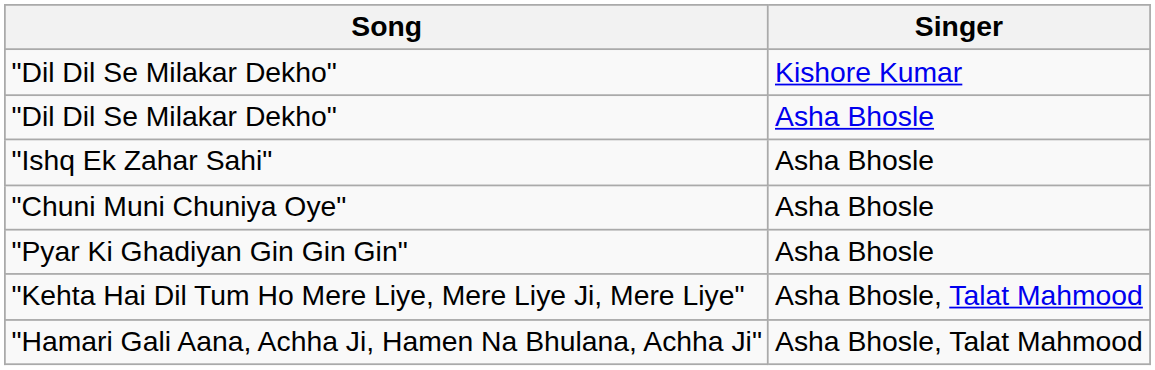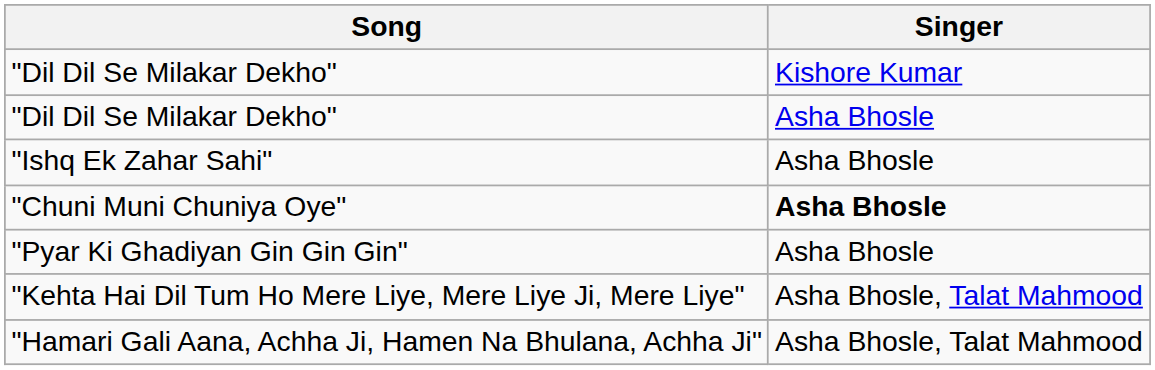 <table class="wikitable">
 <tr>
 <th>Song</th>
 <th>Singer</th>
 </tr>
 <tr>
 <td>"Dil Dil Se Milakar Dekho"</td>
 <td><a href='#'>Kishore Kumar</a></td>
 </tr>
 <tr>
 <td>"Dil Dil Se Milakar Dekho"</td>
 <td><a href='#'>Asha Bhosle</a></td>
 </tr>
 <tr>
 <td>"Ishq Ek Zahar Sahi"</td>
 <td>Asha Bhosle</td>
 </tr>
 <tr>
 <td>"Chuni Muni Chuniya Oye"</td>
-<td>Asha Bhosle</td>
+<td><strong>Asha Bhosle</strong></td>
 </tr>
 <tr>
 <td>"Pyar Ki Ghadiyan Gin Gin Gin"</td>
 <td>Asha Bhosle</td>
 </tr>
 <tr>
 <td>"Kehta Hai Dil Tum Ho Mere Liye, Mere Liye Ji, Mere Liye"</td>
 <td>Asha Bhosle, <a href='#'>Talat Mahmood</a></td>
 </tr>
 <tr>
 <td>"Hamari Gali Aana, Achha Ji, Hamen Na Bhulana, Achha Ji"</td>
 <td>Asha Bhosle, Talat Mahmood</td>
 </tr>
 </table>
